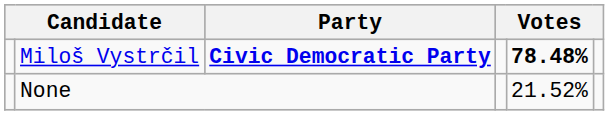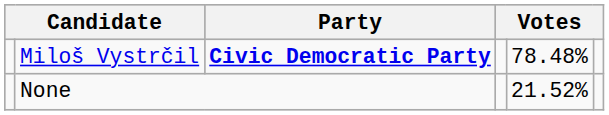 <table class="wikitable">
 <tr>
 <th colspan=2>Candidate</th>
 <th>Party</th>
 <th colspan=3>Votes</th>
 </tr>
 <tr>
 <td style="background:"></td>
 <td><a href='#'>Miloš Vystrčil</a></td>
 <td><strong><a href='#'>Civic Democratic Party</a></strong></td>
 <td></td>
-<td><strong>78.48%</strong></td>
+<td>78.48%</td>
 <td></td>
 </tr>
 <tr>
 <td style="background:"></td>
 <td colspan=2>None</td>
 <td></td>
 <td>21.52%</td>
 <td></td>
 </tr>
 </table>
